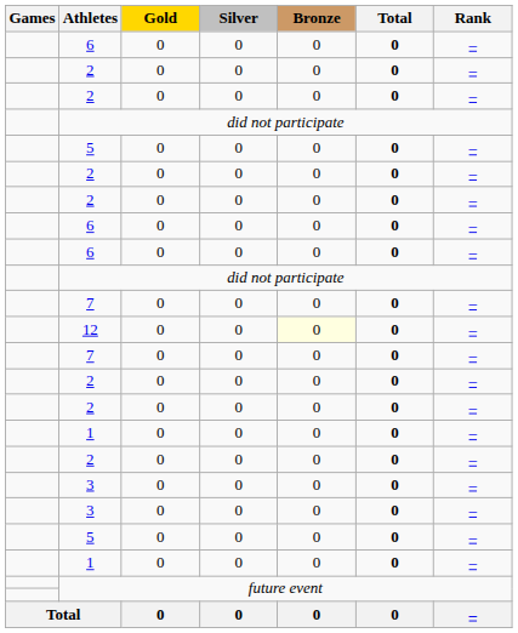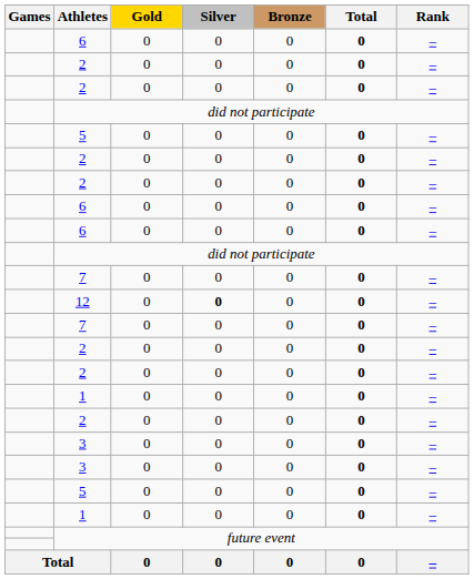 <table class="wikitable" style="text-align:center; font-size:90%;">
 <tr>
 <th>Games</th>
 <th>Athletes</th>
 <td style="background:gold; width:4.5em; font-weight:bold;">Gold</td>
 <td style="background:silver; width:4.5em; font-weight:bold;">Silver</td>
 <td style="background:#cc9966; width:4.5em; font-weight:bold;">Bronze</td>
 <th style="width:4.5em; font-weight:bold;">Total</th>
 <th style="width:4.5em; font-weight:bold;">Rank</th>
 </tr>
 <tr>
 <td align=left></td>
 <td><a href='#'>6</a></td>
 <td>0</td>
 <td>0</td>
 <td>0</td>
 <td><strong>0</strong></td>
 <td><a href='#'>–</a></td>
 </tr>
 <tr>
 <td align=left></td>
 <td><a href='#'>2</a></td>
 <td>0</td>
 <td>0</td>
 <td>0</td>
 <td><strong>0</strong></td>
 <td><a href='#'>–</a></td>
 </tr>
 <tr>
 <td align=left></td>
 <td><a href='#'>2</a></td>
 <td>0</td>
 <td>0</td>
 <td>0</td>
 <td><strong>0</strong></td>
 <td><a href='#'>–</a></td>
 </tr>
 <tr>
 <td align=left></td>
 <td colspan=6; rowspan=1><em>did not participate</em></td>
 </tr>
 <tr>
 <td align=left></td>
 <td><a href='#'>5</a></td>
 <td>0</td>
 <td>0</td>
 <td>0</td>
 <td><strong>0</strong></td>
 <td><a href='#'>–</a></td>
 </tr>
 <tr>
 <td align=left></td>
 <td><a href='#'>2</a></td>
 <td>0</td>
 <td>0</td>
 <td>0</td>
 <td><strong>0</strong></td>
 <td><a href='#'>–</a></td>
 </tr>
 <tr>
 <td align=left></td>
 <td><a href='#'>2</a></td>
 <td>0</td>
 <td>0</td>
 <td>0</td>
 <td><strong>0</strong></td>
 <td><a href='#'>–</a></td>
 </tr>
 <tr>
 <td align=left></td>
 <td><a href='#'>6</a></td>
 <td>0</td>
 <td>0</td>
 <td>0</td>
 <td><strong>0</strong></td>
 <td><a href='#'>–</a></td>
 </tr>
 <tr>
 <td align=left></td>
 <td><a href='#'>6</a></td>
 <td>0</td>
 <td>0</td>
 <td>0</td>
 <td><strong>0</strong></td>
 <td><a href='#'>–</a></td>
 </tr>
 <tr>
 <td align=left></td>
 <td colspan=6; rowspan=1><em>did not participate</em></td>
 </tr>
 <tr>
 <td align=left></td>
 <td><a href='#'>7</a></td>
 <td>0</td>
 <td>0</td>
 <td>0</td>
 <td><strong>0</strong></td>
 <td><a href='#'>–</a></td>
 </tr>
 <tr>
 <td align=left></td>
 <td><a href='#'>12</a></td>
 <td>0</td>
+<td><strong>0</strong></td>
 <td>0</td>
-<td style="background: lightyellow;">0</td>
 <td><strong>0</strong></td>
 <td><a href='#'>–</a></td>
 </tr>
 <tr>
 <td align=left></td>
 <td><a href='#'>7</a></td>
 <td>0</td>
 <td>0</td>
 <td>0</td>
 <td><strong>0</strong></td>
 <td><a href='#'>–</a></td>
 </tr>
 <tr>
 <td align=left></td>
 <td><a href='#'>2</a></td>
 <td>0</td>
 <td>0</td>
 <td>0</td>
 <td><strong>0</strong></td>
 <td><a href='#'>–</a></td>
 </tr>
 <tr>
 <td align=left></td>
 <td><a href='#'>2</a></td>
 <td>0</td>
 <td>0</td>
 <td>0</td>
 <td><strong>0</strong></td>
 <td><a href='#'>–</a></td>
 </tr>
 <tr>
 <td align=left></td>
 <td><a href='#'>1</a></td>
 <td>0</td>
 <td>0</td>
 <td>0</td>
 <td><strong>0</strong></td>
 <td><a href='#'>–</a></td>
 </tr>
 <tr>
 <td align=left></td>
 <td><a href='#'>2</a></td>
 <td>0</td>
 <td>0</td>
 <td>0</td>
 <td><strong>0</strong></td>
 <td><a href='#'>–</a></td>
 </tr>
 <tr>
 <td align=left></td>
 <td><a href='#'>3</a></td>
 <td>0</td>
 <td>0</td>
 <td>0</td>
 <td><strong>0</strong></td>
 <td><a href='#'>–</a></td>
 </tr>
 <tr>
 <td align=left></td>
 <td><a href='#'>3</a></td>
 <td>0</td>
 <td>0</td>
 <td>0</td>
 <td><strong>0</strong></td>
 <td><a href='#'>–</a></td>
 </tr>
 <tr>
 <td align=left></td>
 <td><a href='#'>5</a></td>
 <td>0</td>
 <td>0</td>
 <td>0</td>
 <td><strong>0</strong></td>
 <td><a href='#'>–</a></td>
 </tr>
 <tr>
 <td align=left></td>
 <td><a href='#'>1</a></td>
 <td>0</td>
 <td>0</td>
 <td>0</td>
 <td><strong>0</strong></td>
 <td><a href='#'>–</a></td>
 </tr>
 <tr>
 <td align=left></td>
 <td colspan=6; rowspan=2><em>future event</em></td>
 </tr>
 <tr>
 <td align=left></td>
 </tr>
 <tr>
 <th colspan=2>Total</th>
 <th>0</th>
 <th>0</th>
 <th>0</th>
 <th>0</th>
 <th><a href='#'>–</a></th>
 </tr>
 </table>
